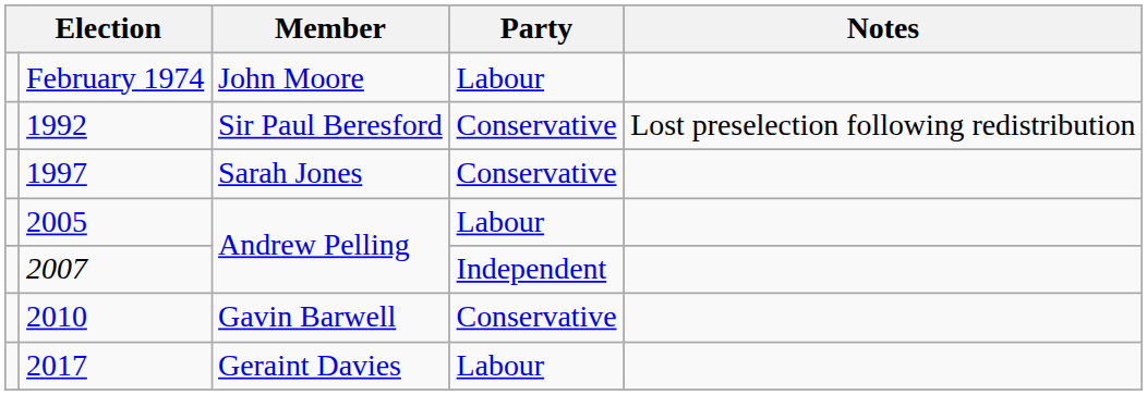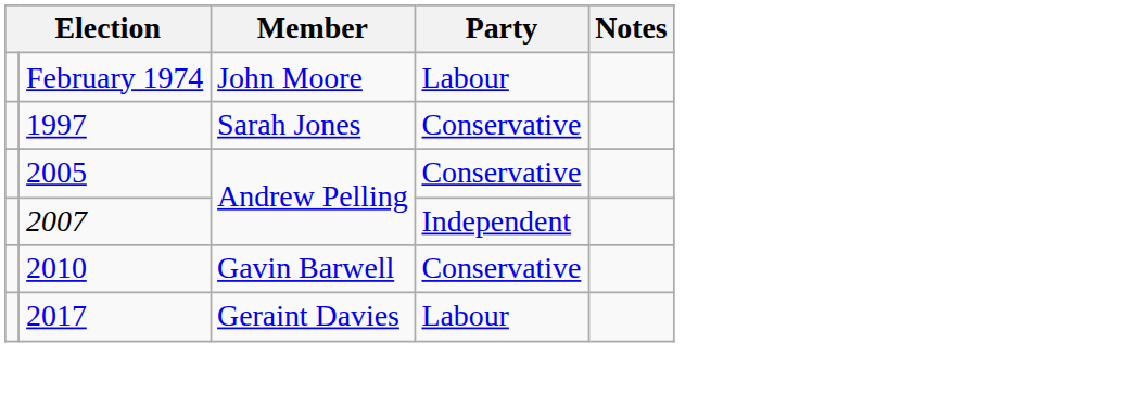 <table class="wikitable">
 <tr>
 <th colspan="2">Election</th>
 <th>Member</th>
 <th>Party</th>
 <th>Notes</th>
 </tr>
 <tr>
 <td style="color:inherit;background-color: "></td>
 <td><a href='#'>February 1974</a></td>
 <td><a href='#'>John Moore</a></td>
 <td><a href='#'>Labour</a></td>
 <td></td>
 </tr>
 <tr>
 <td style="color:inherit;background-color: "></td>
-<td><a href='#'>1992</a></td>
-<td><a href='#'>Sir Paul Beresford</a></td>
-<td><a href='#'>Conservative</a></td>
-<td>Lost preselection following redistribution</td>
-</tr>
-<tr>
-<td style="color:inherit;background-color: "></td>
 <td><a href='#'>1997</a></td>
 <td><a href='#'>Sarah Jones</a></td>
 <td><a href='#'>Conservative</a></td>
 <td></td>
 </tr>
 <tr>
 <td style="color:inherit;background-color: "></td>
 <td><a href='#'>2005</a></td>
 <td rowspan="2"><a href='#'>Andrew Pelling</a></td>
-<td><a href='#'>Labour</a></td>
+<td><a href='#'>Conservative</a></td>
 <td></td>
 </tr>
 <tr>
 <td style="color:inherit;background-color: "></td>
 <td><em>2007</em></td>
 <td><a href='#'>Independent</a></td>
 <td></td>
 </tr>
 <tr>
 <td style="color:inherit;background-color: "></td>
 <td><a href='#'>2010</a></td>
 <td><a href='#'>Gavin Barwell</a></td>
 <td><a href='#'>Conservative</a></td>
 <td></td>
 </tr>
 <tr>
 <td style="color:inherit;background-color: "></td>
 <td><a href='#'>2017</a></td>
 <td><a href='#'>Geraint Davies</a></td>
 <td><a href='#'>Labour</a></td>
 <td></td>
 </tr>
 </table>
